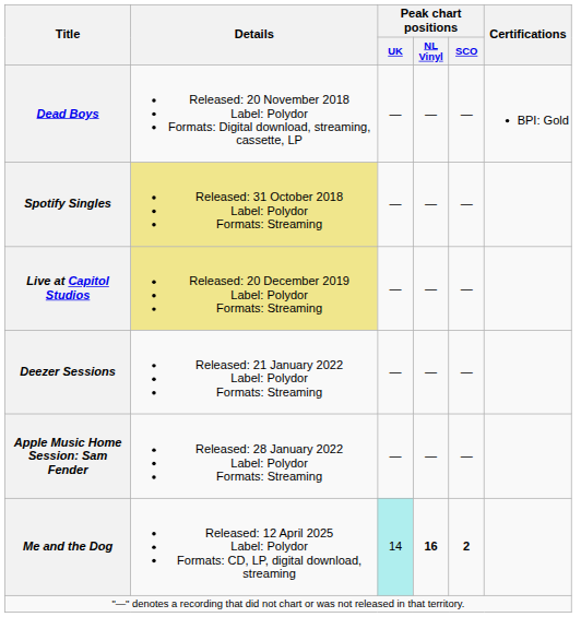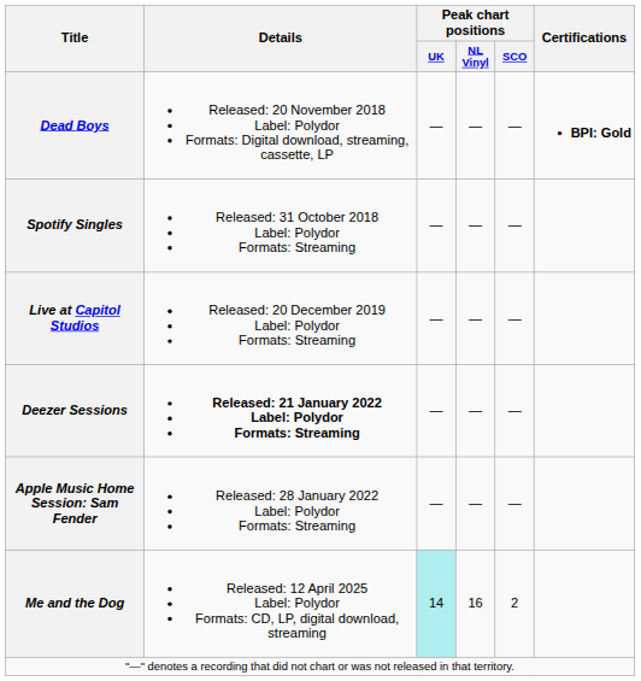 <table class="wikitable plainrowheaders" style="text-align:center;">
 <tr>
 <th scope="col" rowspan="2" style="width:10em;">Title</th>
 <th scope="col" rowspan="2" style="width:20em;">Details</th>
 <th scope="col" colspan="3">Peak chart positions</th>
 <th scope="col" rowspan="2">Certifications</th>
 </tr>
 <tr>
 <th scope="col" style="width:3em;font-size:85%;"><a href='#'>UK</a><br></th>
 <th scope="col" style="width:3em;font-size:85%;"><a href='#'>NL<br>Vinyl</a><br></th>
 <th scope="col" style="width:3em;font-size:85%;"><a href='#'>SCO</a><br></th>
 </tr>
 <tr>
 <th scope="row"><em><a href='#'>Dead Boys</a></em></th>
 <td><br><ul><li>Released: 20 November 2018</li><li>Label: Polydor</li><li>Formats: Digital download, streaming,<br>cassette, LP</li></ul></td>
 <td>—</td>
 <td>—</td>
 <td>—</td>
-<td><br><ul><li>BPI: Gold</li></ul></td>
+<td><strong><br><ul><li>BPI: Gold</li></ul></strong></td>
 </tr>
 <tr>
 <th scope="row"><em>Spotify Singles</em></th>
-<td style="background: khaki;"><br><ul><li>Released: 31 October 2018</li><li>Label: Polydor</li><li>Formats: Streaming</li></ul></td>
+<td><br><ul><li>Released: 31 October 2018</li><li>Label: Polydor</li><li>Formats: Streaming</li></ul></td>
 <td>—</td>
 <td>—</td>
 <td>—</td>
 <td></td>
 </tr>
 <tr>
 <th scope="row"><em>Live at <a href='#'>Capitol Studios</a></em></th>
-<td style="background: khaki;"><br><ul><li>Released: 20 December 2019</li><li>Label: Polydor</li><li>Formats: Streaming</li></ul></td>
+<td><br><ul><li>Released: 20 December 2019</li><li>Label: Polydor</li><li>Formats: Streaming</li></ul></td>
 <td>—</td>
 <td>—</td>
 <td>—</td>
 <td></td>
 </tr>
 <tr>
 <th scope="row"><em>Deezer Sessions</em></th>
-<td><br><ul><li>Released: 21 January 2022</li><li>Label: Polydor</li><li>Formats: Streaming</li></ul></td>
+<td><strong><br><ul><li>Released: 21 January 2022</li><li>Label: Polydor</li><li>Formats: Streaming</li></ul></strong></td>
 <td>—</td>
 <td>—</td>
 <td>—</td>
 <td></td>
 </tr>
 <tr>
 <th scope="row"><em>Apple Music Home Session: Sam Fender</em></th>
 <td><br><ul><li>Released: 28 January 2022</li><li>Label: Polydor</li><li>Formats: Streaming</li></ul></td>
 <td>—</td>
 <td>—</td>
 <td>—</td>
 <td></td>
 </tr>
 <tr>
 <th scope="row"><em>Me and the Dog</em></th>
 <td><br><ul><li>Released: 12 April 2025</li><li>Label: Polydor</li><li>Formats: CD, LP, digital download, streaming</li></ul></td>
 <td style="background: paleturquoise;">14</td>
-<td><strong>16</strong></td>
-<td><strong>2</strong></td>
+<td>16</td>
+<td>2</td>
 <td></td>
 </tr>
 <tr>
 <td colspan="14" style="font-size:85%">"—" denotes a recording that did not chart or was not released in that territory.</td>
 </tr>
 </table>
